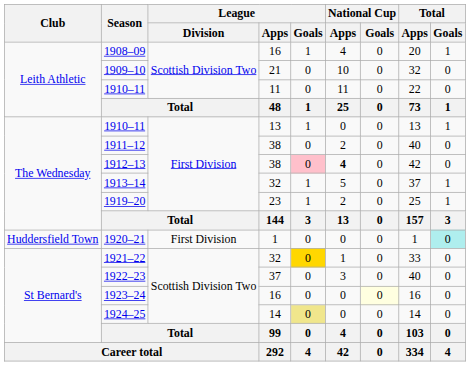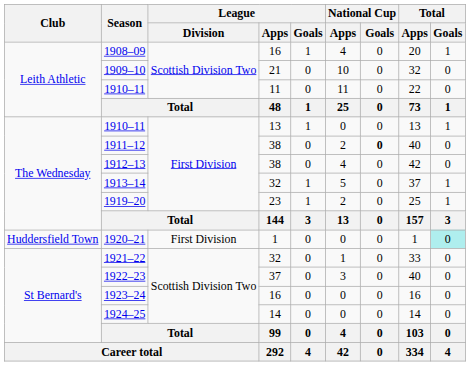 <table class="wikitable" style="text-align: center;">
 <tr>
 <th rowspan="2">Club</th>
 <th rowspan="2">Season</th>
 <th colspan="3">League</th>
 <th colspan="2">National Cup</th>
 <th colspan="2">Total</th>
 </tr>
 <tr>
 <th>Division</th>
 <th>Apps</th>
 <th>Goals</th>
 <th>Apps</th>
 <th>Goals</th>
 <th>Apps</th>
 <th>Goals</th>
 </tr>
 <tr>
 <td rowspan="4"><a href='#'>Leith Athletic</a></td>
 <td><a href='#'>1908–09</a></td>
 <td rowspan="3"><a href='#'>Scottish Division Two</a></td>
 <td>16</td>
 <td>1</td>
 <td>4</td>
 <td>0</td>
 <td>20</td>
 <td>1</td>
 </tr>
 <tr>
 <td><a href='#'>1909–10</a></td>
 <td>21</td>
 <td>0</td>
 <td>10</td>
 <td>0</td>
 <td>32</td>
 <td>0</td>
 </tr>
 <tr>
 <td><a href='#'>1910–11</a></td>
 <td>11</td>
 <td>0</td>
 <td>11</td>
 <td>0</td>
 <td>22</td>
 <td>0</td>
 </tr>
 <tr>
 <th colspan="2">Total</th>
 <th>48</th>
 <th>1</th>
 <th>25</th>
 <th>0</th>
 <th>73</th>
 <th>1</th>
 </tr>
 <tr>
 <td rowspan="6"><a href='#'>The Wednesday</a></td>
 <td><a href='#'>1910–11</a></td>
 <td rowspan="5"><a href='#'>First Division</a></td>
 <td>13</td>
 <td>1</td>
 <td>0</td>
 <td>0</td>
 <td>13</td>
 <td>1</td>
 </tr>
 <tr>
 <td><a href='#'>1911–12</a></td>
 <td>38</td>
 <td>0</td>
 <td>2</td>
-<td>0</td>
+<td><strong>0</strong></td>
 <td>40</td>
 <td>0</td>
 </tr>
 <tr>
 <td><a href='#'>1912–13</a></td>
 <td>38</td>
-<td style="background: pink;">0</td>
-<td><strong>4</strong></td>
+<td>0</td>
+<td>4</td>
 <td>0</td>
 <td>42</td>
 <td>0</td>
 </tr>
 <tr>
 <td><a href='#'>1913–14</a></td>
 <td>32</td>
 <td>1</td>
 <td>5</td>
 <td>0</td>
 <td>37</td>
 <td>1</td>
 </tr>
 <tr>
 <td><a href='#'>1919–20</a></td>
 <td>23</td>
 <td>1</td>
 <td>2</td>
 <td>0</td>
 <td>25</td>
 <td>1</td>
 </tr>
 <tr>
 <th colspan="2">Total</th>
 <th>144</th>
 <th>3</th>
 <th>13</th>
 <th>0</th>
 <th>157</th>
 <th>3</th>
 </tr>
 <tr>
 <td><a href='#'>Huddersfield Town</a></td>
 <td><a href='#'>1920–21</a></td>
 <td>First Division</td>
 <td>1</td>
 <td>0</td>
 <td>0</td>
 <td>0</td>
 <td>1</td>
 <td style="background: paleturquoise;">0</td>
 </tr>
 <tr>
 <td rowspan="5"><a href='#'>St Bernard's</a></td>
 <td><a href='#'>1921–22</a></td>
 <td rowspan="4">Scottish Division Two</td>
 <td>32</td>
-<td style="background: gold;">0</td>
+<td>0</td>
 <td>1</td>
 <td>0</td>
 <td>33</td>
 <td>0</td>
 </tr>
 <tr>
 <td><a href='#'>1922–23</a></td>
 <td>37</td>
 <td>0</td>
 <td>3</td>
 <td>0</td>
 <td>40</td>
 <td>0</td>
 </tr>
 <tr>
 <td><a href='#'>1923–24</a></td>
 <td>16</td>
 <td>0</td>
 <td>0</td>
-<td style="background: lightyellow;">0</td>
+<td>0</td>
 <td>16</td>
 <td>0</td>
 </tr>
 <tr>
 <td><a href='#'>1924–25</a></td>
 <td>14</td>
-<td style="background: khaki;">0</td>
+<td>0</td>
 <td>0</td>
 <td>0</td>
 <td>14</td>
 <td>0</td>
 </tr>
 <tr>
 <th colspan="2">Total</th>
 <th>99</th>
 <th>0</th>
 <th>4</th>
 <th>0</th>
 <th>103</th>
 <th>0</th>
 </tr>
 <tr>
 <th colspan="3">Career total</th>
 <th>292</th>
 <th>4</th>
 <th>42</th>
 <th>0</th>
 <th>334</th>
 <th>4</th>
 </tr>
 </table>
